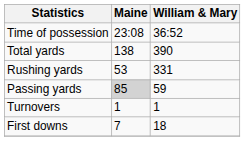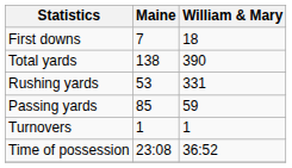 <table class="wikitable">
 <tr>
 <th>Statistics</th>
 <th>Maine</th>
 <th>William & Mary</th>
 </tr>
 <tr>
-<td>Time of possession</td>
-<td>23:08</td>
-<td>36:52</td>
+<td>First downs</td>
+<td>7</td>
+<td>18</td>
 </tr>
 <tr>
 <td>Total yards</td>
 <td>138</td>
 <td>390</td>
 </tr>
 <tr>
 <td>Rushing yards</td>
 <td>53</td>
 <td>331</td>
 </tr>
 <tr>
 <td>Passing yards</td>
-<td style="background: lightgrey;">85</td>
+<td>85</td>
 <td>59</td>
 </tr>
 <tr>
 <td>Turnovers</td>
 <td>1</td>
 <td>1</td>
 </tr>
 <tr>
-<td>First downs</td>
-<td>7</td>
-<td>18</td>
+<td>Time of possession</td>
+<td>23:08</td>
+<td>36:52</td>
 </tr>
 <tr>
 </tr>
 </table>
